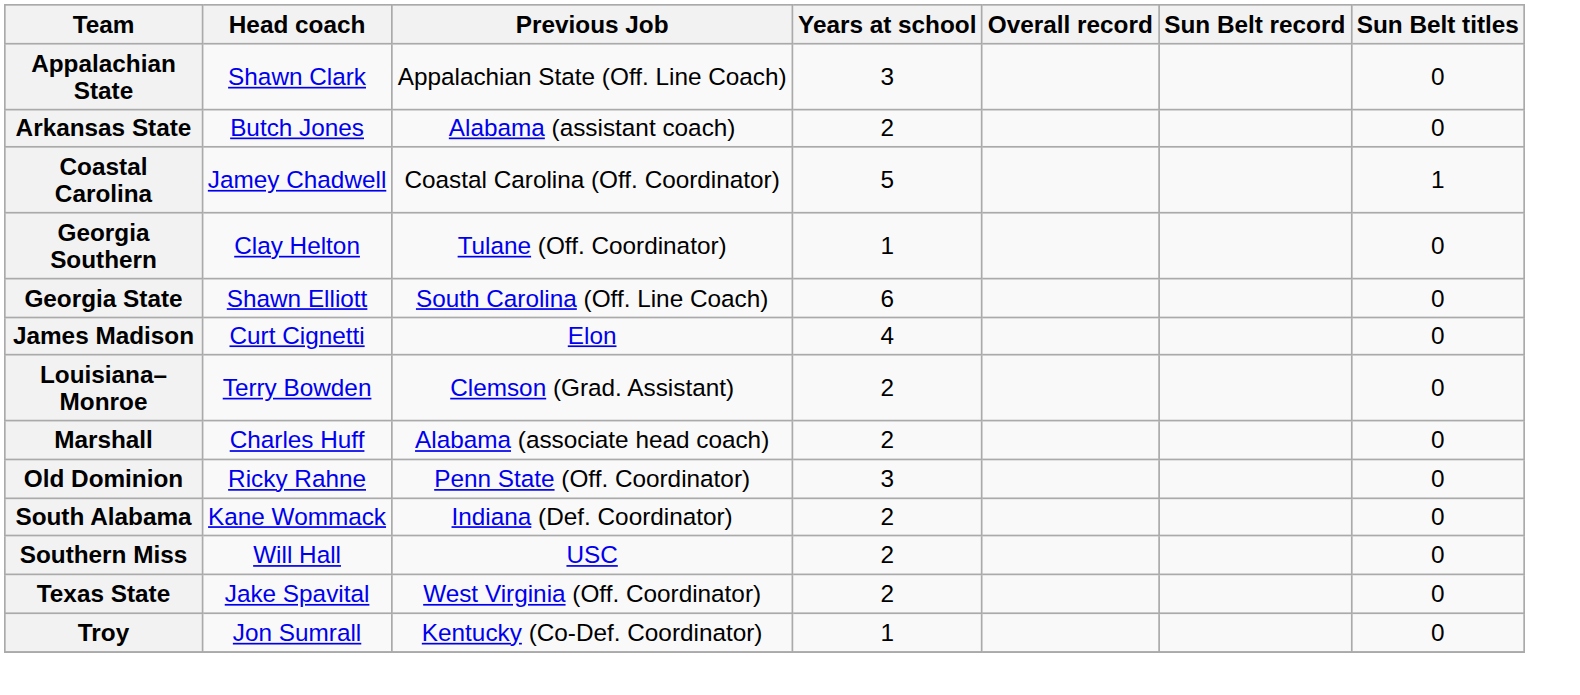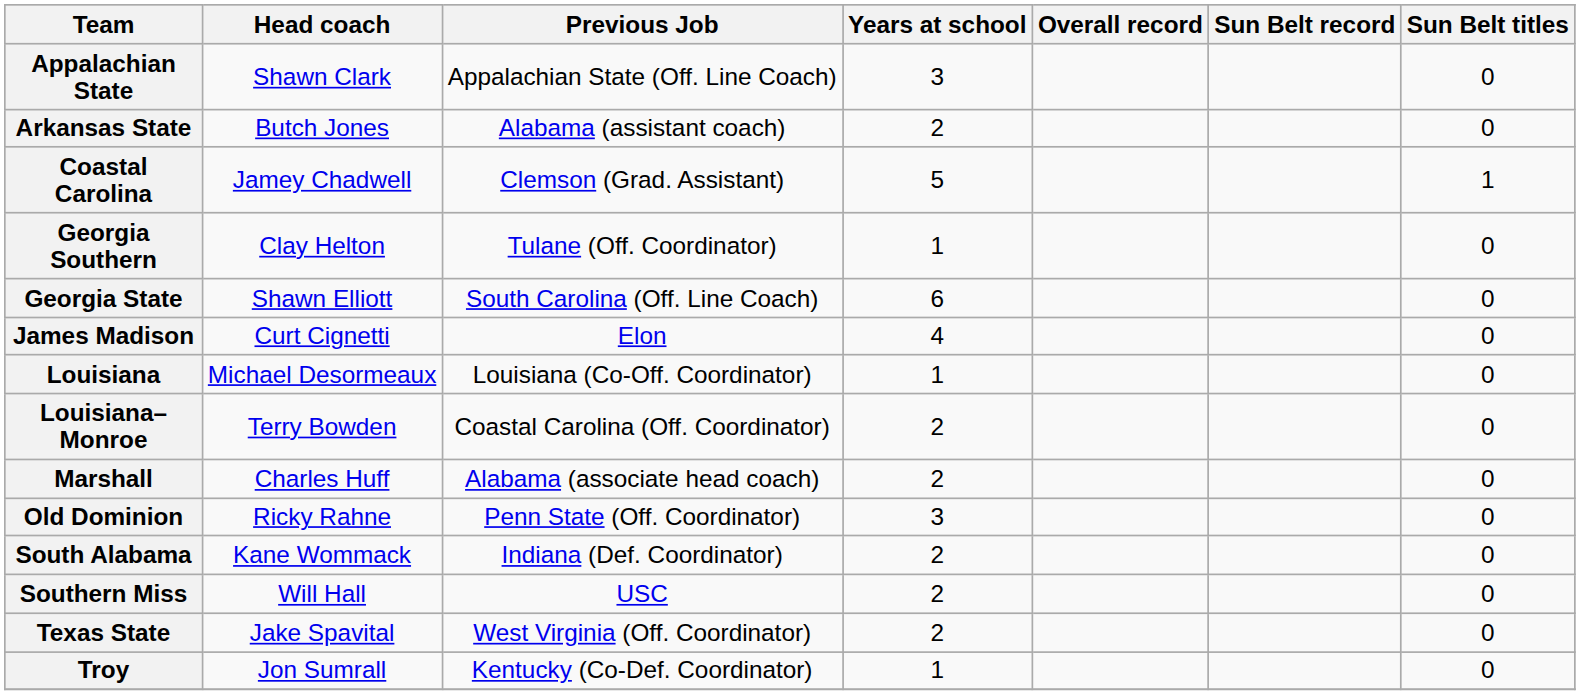 <table class="wikitable source" style="text-align: center;font-size:90%;">
 <tr>
 <th width="110">Team</th>
 <th>Head coach</th>
 <th>Previous Job</th>
 <th>Years at school</th>
 <th>Overall record</th>
 <th>Sun Belt record</th>
 <th>Sun Belt titles</th>
 </tr>
 <tr>
 <th>Appalachian State</th>
 <td><a href='#'>Shawn Clark</a></td>
 <td>Appalachian State (Off. Line Coach)</td>
 <td>3</td>
 <td></td>
 <td></td>
 <td>0</td>
 </tr>
 <tr>
 <th>Arkansas State</th>
 <td><a href='#'>Butch Jones</a></td>
 <td><a href='#'>Alabama</a> (assistant coach)</td>
 <td>2</td>
 <td></td>
 <td></td>
 <td>0</td>
 </tr>
 <tr>
 <th>Coastal Carolina</th>
 <td><a href='#'>Jamey Chadwell</a></td>
-<td>Coastal Carolina (Off. Coordinator)</td>
+<td><a href='#'>Clemson</a> (Grad. Assistant)</td>
 <td>5</td>
 <td></td>
 <td></td>
 <td>1</td>
 </tr>
 <tr>
 <th>Georgia Southern</th>
 <td><a href='#'>Clay Helton</a></td>
 <td><a href='#'>Tulane</a> (Off. Coordinator)</td>
 <td>1</td>
 <td></td>
 <td></td>
 <td>0</td>
 </tr>
 <tr>
 <th>Georgia State</th>
 <td><a href='#'>Shawn Elliott</a></td>
 <td><a href='#'>South Carolina</a> (Off. Line Coach)</td>
 <td>6</td>
 <td></td>
 <td></td>
 <td>0</td>
 </tr>
 <tr>
 <th>James Madison</th>
 <td><a href='#'>Curt Cignetti</a></td>
 <td><a href='#'>Elon</a></td>
 <td>4</td>
 <td></td>
 <td></td>
 <td>0</td>
 </tr>
 <tr>
+<th>Louisiana</th>
+<td><a href='#'>Michael Desormeaux</a></td>
+<td>Louisiana (Co-Off. Coordinator)</td>
+<td>1</td>
+<td></td>
+<td></td>
+<td>0</td>
+</tr>
+<tr>
 <th>Louisiana–Monroe</th>
 <td><a href='#'>Terry Bowden</a></td>
-<td><a href='#'>Clemson</a> (Grad. Assistant)</td>
+<td>Coastal Carolina (Off. Coordinator)</td>
 <td>2</td>
 <td></td>
 <td></td>
 <td>0</td>
 </tr>
 <tr>
 <th>Marshall</th>
 <td><a href='#'>Charles Huff</a></td>
 <td><a href='#'>Alabama</a> (associate head coach)</td>
 <td>2</td>
 <td></td>
 <td></td>
 <td>0</td>
 </tr>
 <tr>
 <th>Old Dominion</th>
 <td><a href='#'>Ricky Rahne</a></td>
 <td><a href='#'>Penn State</a> (Off. Coordinator)</td>
 <td>3</td>
 <td></td>
 <td></td>
 <td>0</td>
 </tr>
 <tr>
 <th>South Alabama</th>
 <td><a href='#'>Kane Wommack</a></td>
 <td><a href='#'>Indiana</a> (Def. Coordinator)</td>
 <td>2</td>
 <td></td>
 <td></td>
 <td>0</td>
 </tr>
 <tr>
 <th>Southern Miss</th>
 <td><a href='#'>Will Hall</a></td>
 <td><a href='#'>USC</a></td>
 <td>2</td>
 <td></td>
 <td></td>
 <td>0</td>
 </tr>
 <tr>
 <th>Texas State</th>
 <td><a href='#'>Jake Spavital</a></td>
 <td><a href='#'>West Virginia</a> (Off. Coordinator)</td>
 <td>2</td>
 <td></td>
 <td></td>
 <td>0</td>
 </tr>
 <tr>
 <th>Troy</th>
 <td><a href='#'>Jon Sumrall</a></td>
 <td><a href='#'>Kentucky</a> (Co-Def. Coordinator)</td>
 <td>1</td>
 <td></td>
 <td></td>
 <td>0</td>
 </tr>
 <tr>
 </tr>
 </table>
